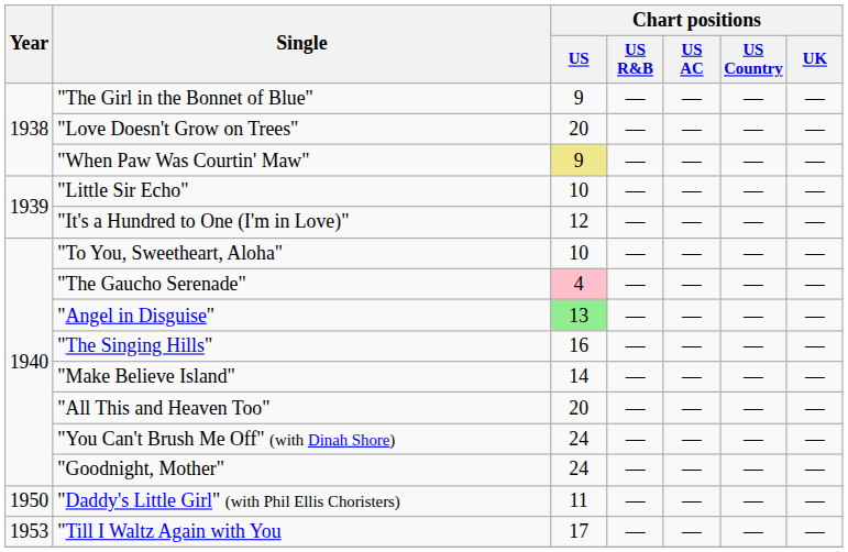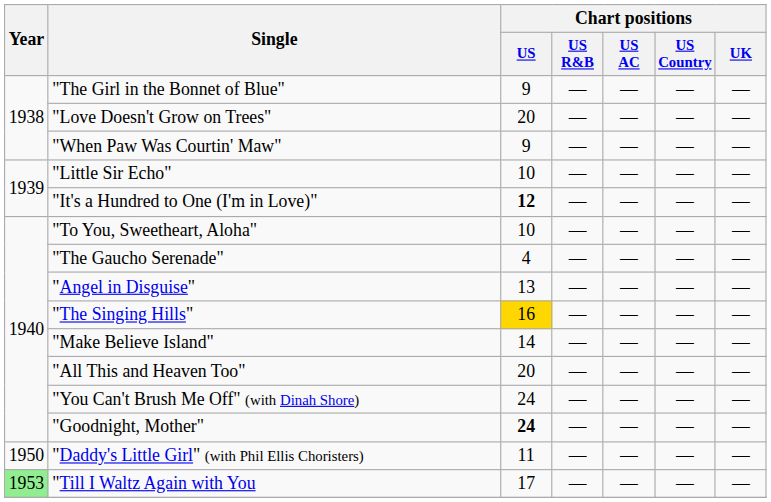 <table class="wikitable" style="text-align:center;">
 <tr>
 <th rowspan="2">Year</th>
 <th style="width:400px;" rowspan="2">Single</th>
 <th colspan="5">Chart positions</th>
 </tr>
 <tr style="font-size:smaller;">
 <th style="width:40px;"><a href='#'>US</a></th>
 <th style="width:40px;"><a href='#'>US<br>R&B</a></th>
 <th style="width:40px;"><a href='#'>US<br>AC</a></th>
 <th style="width:40px;"><a href='#'>US Country</a></th>
 <th style="width:40px;"><a href='#'>UK</a></th>
 </tr>
 <tr>
 <td rowspan="3">1938</td>
 <td style="text-align:left;">"The Girl in the Bonnet of Blue"</td>
 <td>9</td>
 <td>—</td>
 <td>—</td>
 <td>—</td>
 <td>—</td>
 </tr>
 <tr>
 <td style="text-align:left;">"Love Doesn't Grow on Trees"</td>
 <td>20</td>
 <td>—</td>
 <td>—</td>
 <td>—</td>
 <td>—</td>
 </tr>
 <tr>
 <td style="text-align:left;">"When Paw Was Courtin' Maw"</td>
-<td style="background: khaki;">9</td>
+<td>9</td>
 <td>—</td>
 <td>—</td>
 <td>—</td>
 <td>—</td>
 </tr>
 <tr>
 <td rowspan="2">1939</td>
 <td style="text-align:left;">"Little Sir Echo"</td>
 <td>10</td>
 <td>—</td>
 <td>—</td>
 <td>—</td>
 <td>—</td>
 </tr>
 <tr>
 <td style="text-align:left;">"It's a Hundred to One (I'm in Love)"</td>
-<td>12</td>
+<td><strong>12</strong></td>
 <td>—</td>
 <td>—</td>
 <td>—</td>
 <td>—</td>
 </tr>
 <tr>
 <td rowspan="8">1940</td>
 <td style="text-align:left;">"To You, Sweetheart, Aloha"</td>
 <td>10</td>
 <td>—</td>
 <td>—</td>
 <td>—</td>
 <td>—</td>
 </tr>
 <tr>
 <td style="text-align:left;">"The Gaucho Serenade"</td>
-<td style="background: pink;">4</td>
+<td>4</td>
 <td>—</td>
 <td>—</td>
 <td>—</td>
 <td>—</td>
 </tr>
 <tr>
 <td style="text-align:left;">"<a href='#'>Angel in Disguise</a>"</td>
-<td style="background: lightgreen;">13</td>
+<td>13</td>
 <td>—</td>
 <td>—</td>
 <td>—</td>
 <td>—</td>
 </tr>
 <tr>
 <td style="text-align:left;">"<a href='#'>The Singing Hills</a>"</td>
-<td>16</td>
+<td style="background: gold;">16</td>
 <td>—</td>
 <td>—</td>
 <td>—</td>
 <td>—</td>
 </tr>
 <tr>
 <td style="text-align:left;">"Make Believe Island"</td>
 <td>14</td>
 <td>—</td>
 <td>—</td>
 <td>—</td>
 <td>—</td>
 </tr>
 <tr>
 <td style="text-align:left;">"All This and Heaven Too"</td>
 <td>20</td>
 <td>—</td>
 <td>—</td>
 <td>—</td>
 <td>—</td>
 </tr>
 <tr>
 <td style="text-align:left;">"You Can't Brush Me Off" <small>(with <a href='#'>Dinah Shore</a>)</small></td>
 <td>24</td>
 <td>—</td>
 <td>—</td>
 <td>—</td>
 <td>—</td>
 </tr>
 <tr>
 <td style="text-align:left;">"Goodnight, Mother"</td>
-<td>24</td>
+<td><strong>24</strong></td>
 <td>—</td>
 <td>—</td>
 <td>—</td>
 <td>—</td>
 </tr>
 <tr>
 <td rowspan="1">1950</td>
 <td style="text-align:left;">"<a href='#'>Daddy's Little Girl</a>" <small>(with Phil Ellis Choristers)</small></td>
 <td>11</td>
 <td>—</td>
 <td>—</td>
 <td>—</td>
 <td>—</td>
 </tr>
 <tr>
-<td rowspan="1">1953</td>
+<td rowspan="1" style="background: lightgreen;">1953</td>
 <td style="text-align:left;">"<a href='#'>Till I Waltz Again with You</a></td>
 <td>17</td>
 <td>—</td>
 <td>—</td>
 <td>—</td>
 <td>—</td>
 </tr>
 <tr>
 </tr>
 </table>
